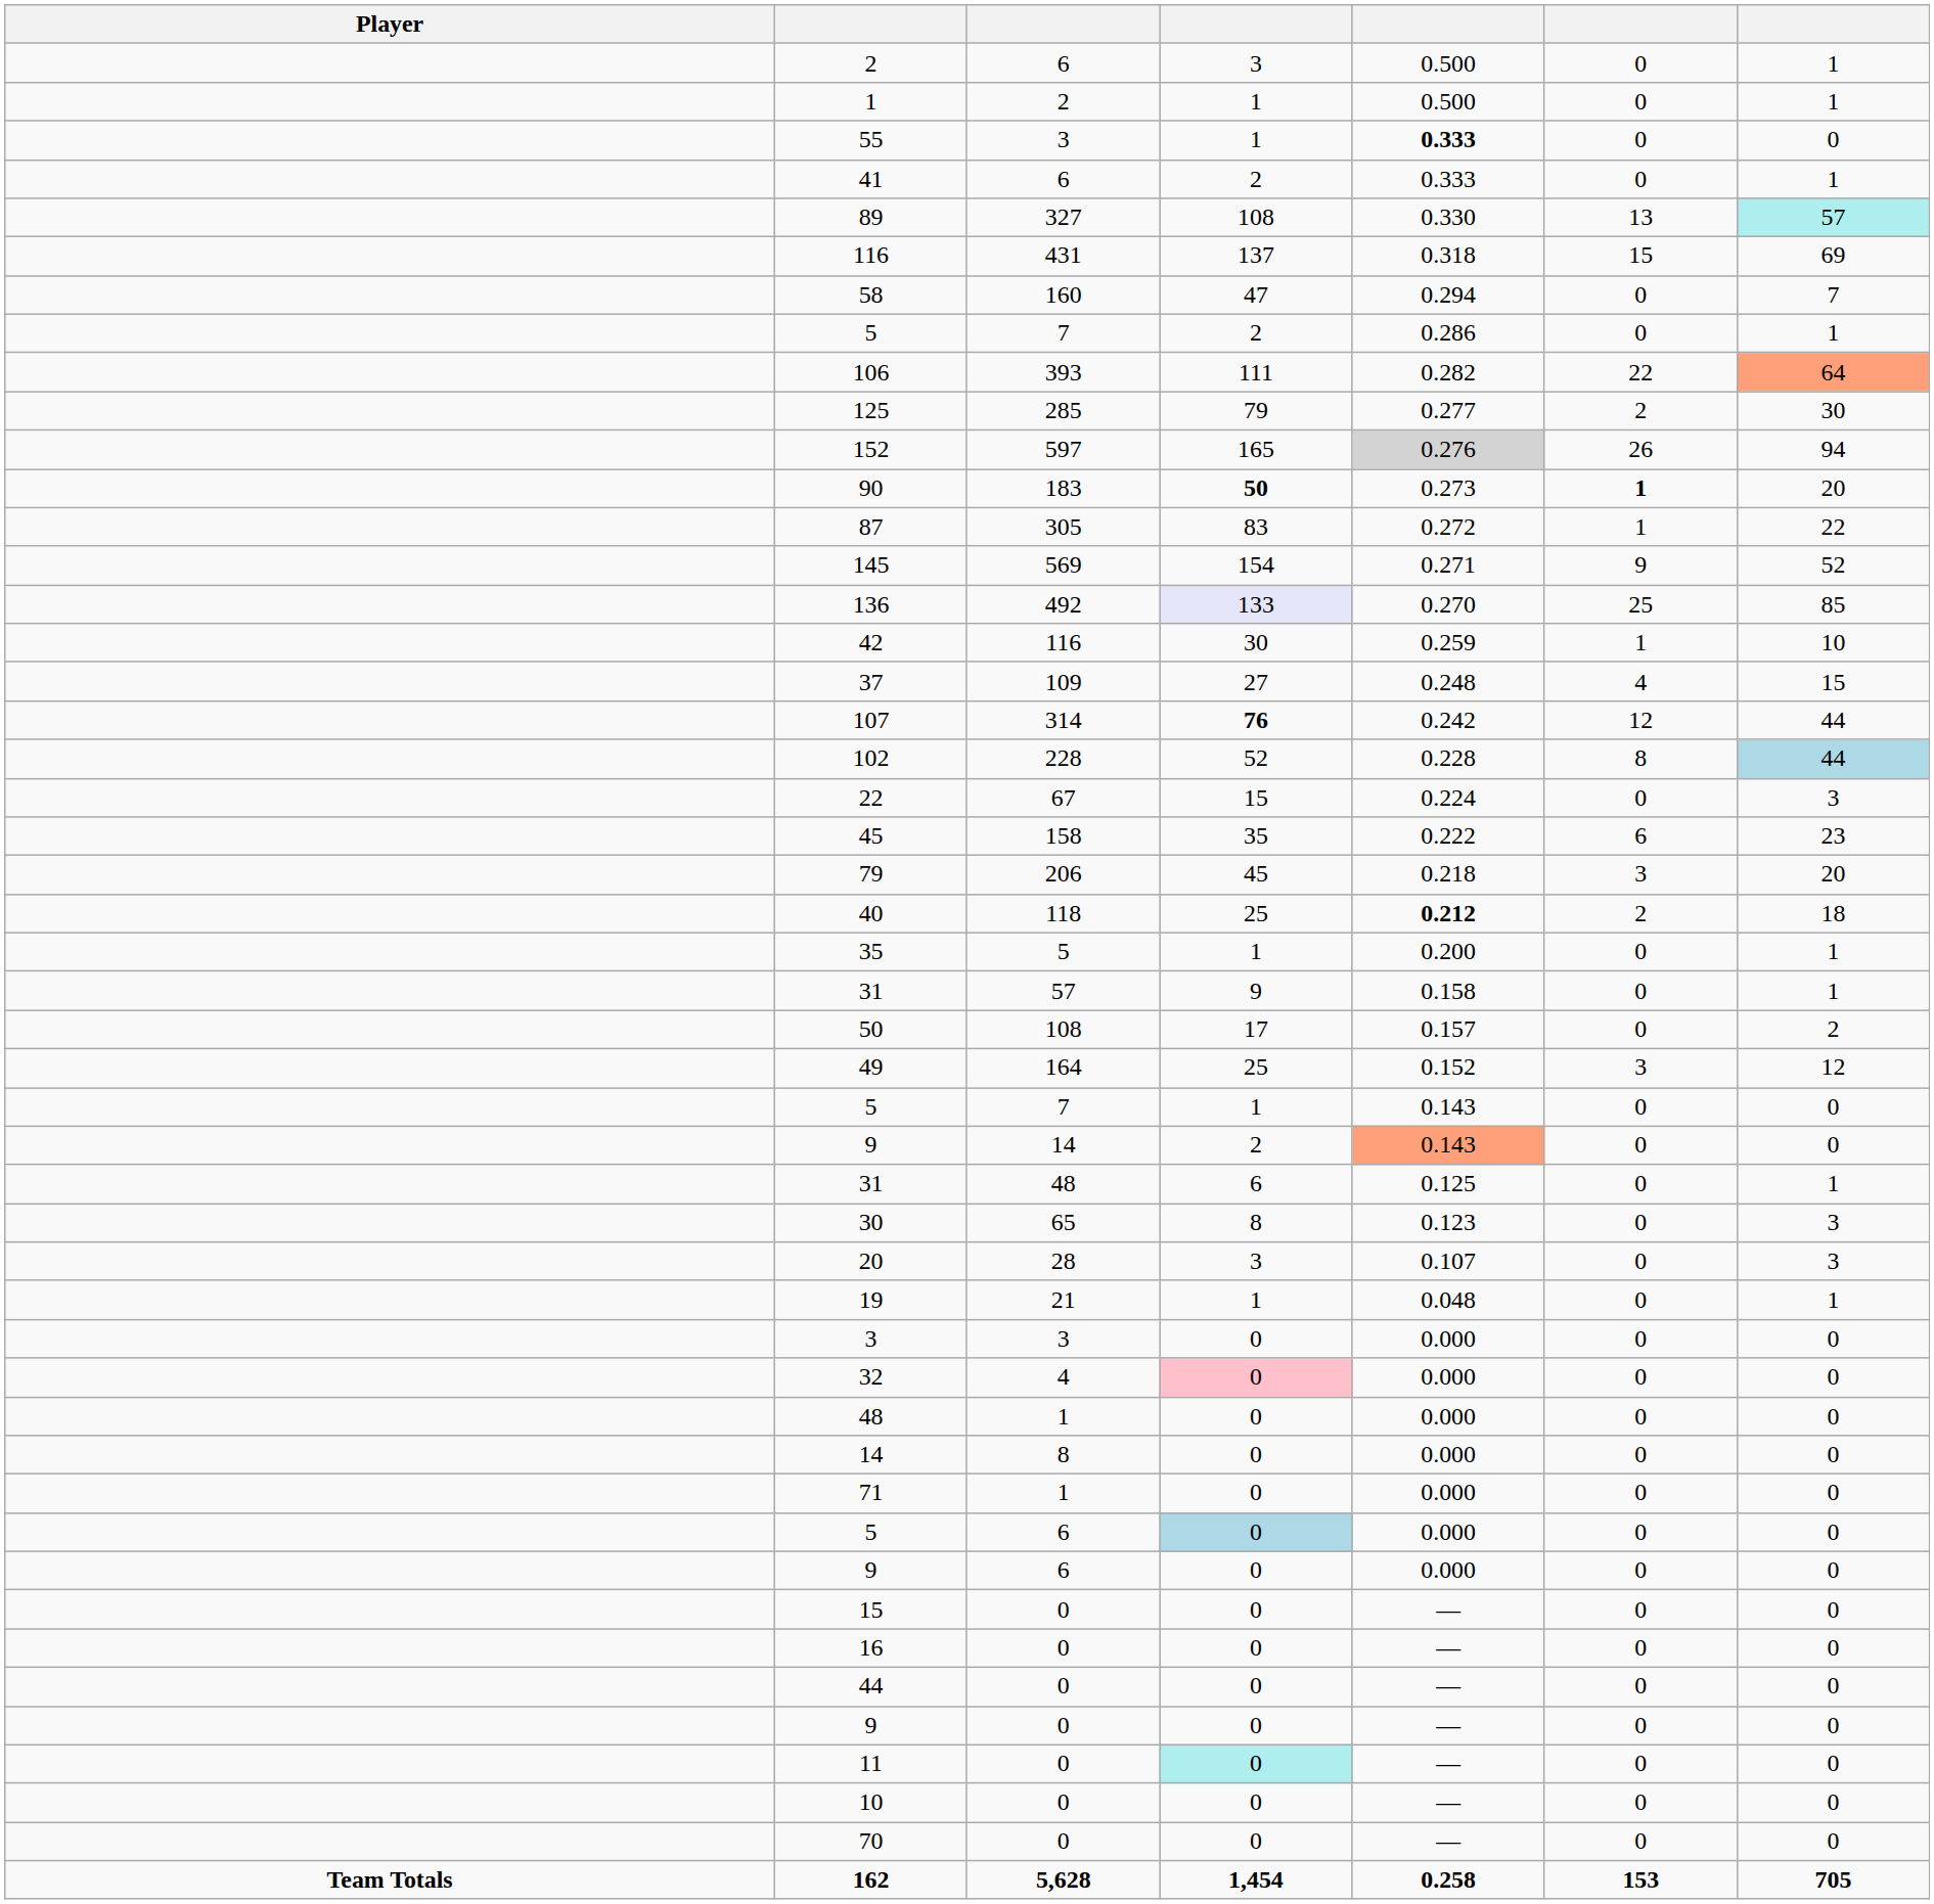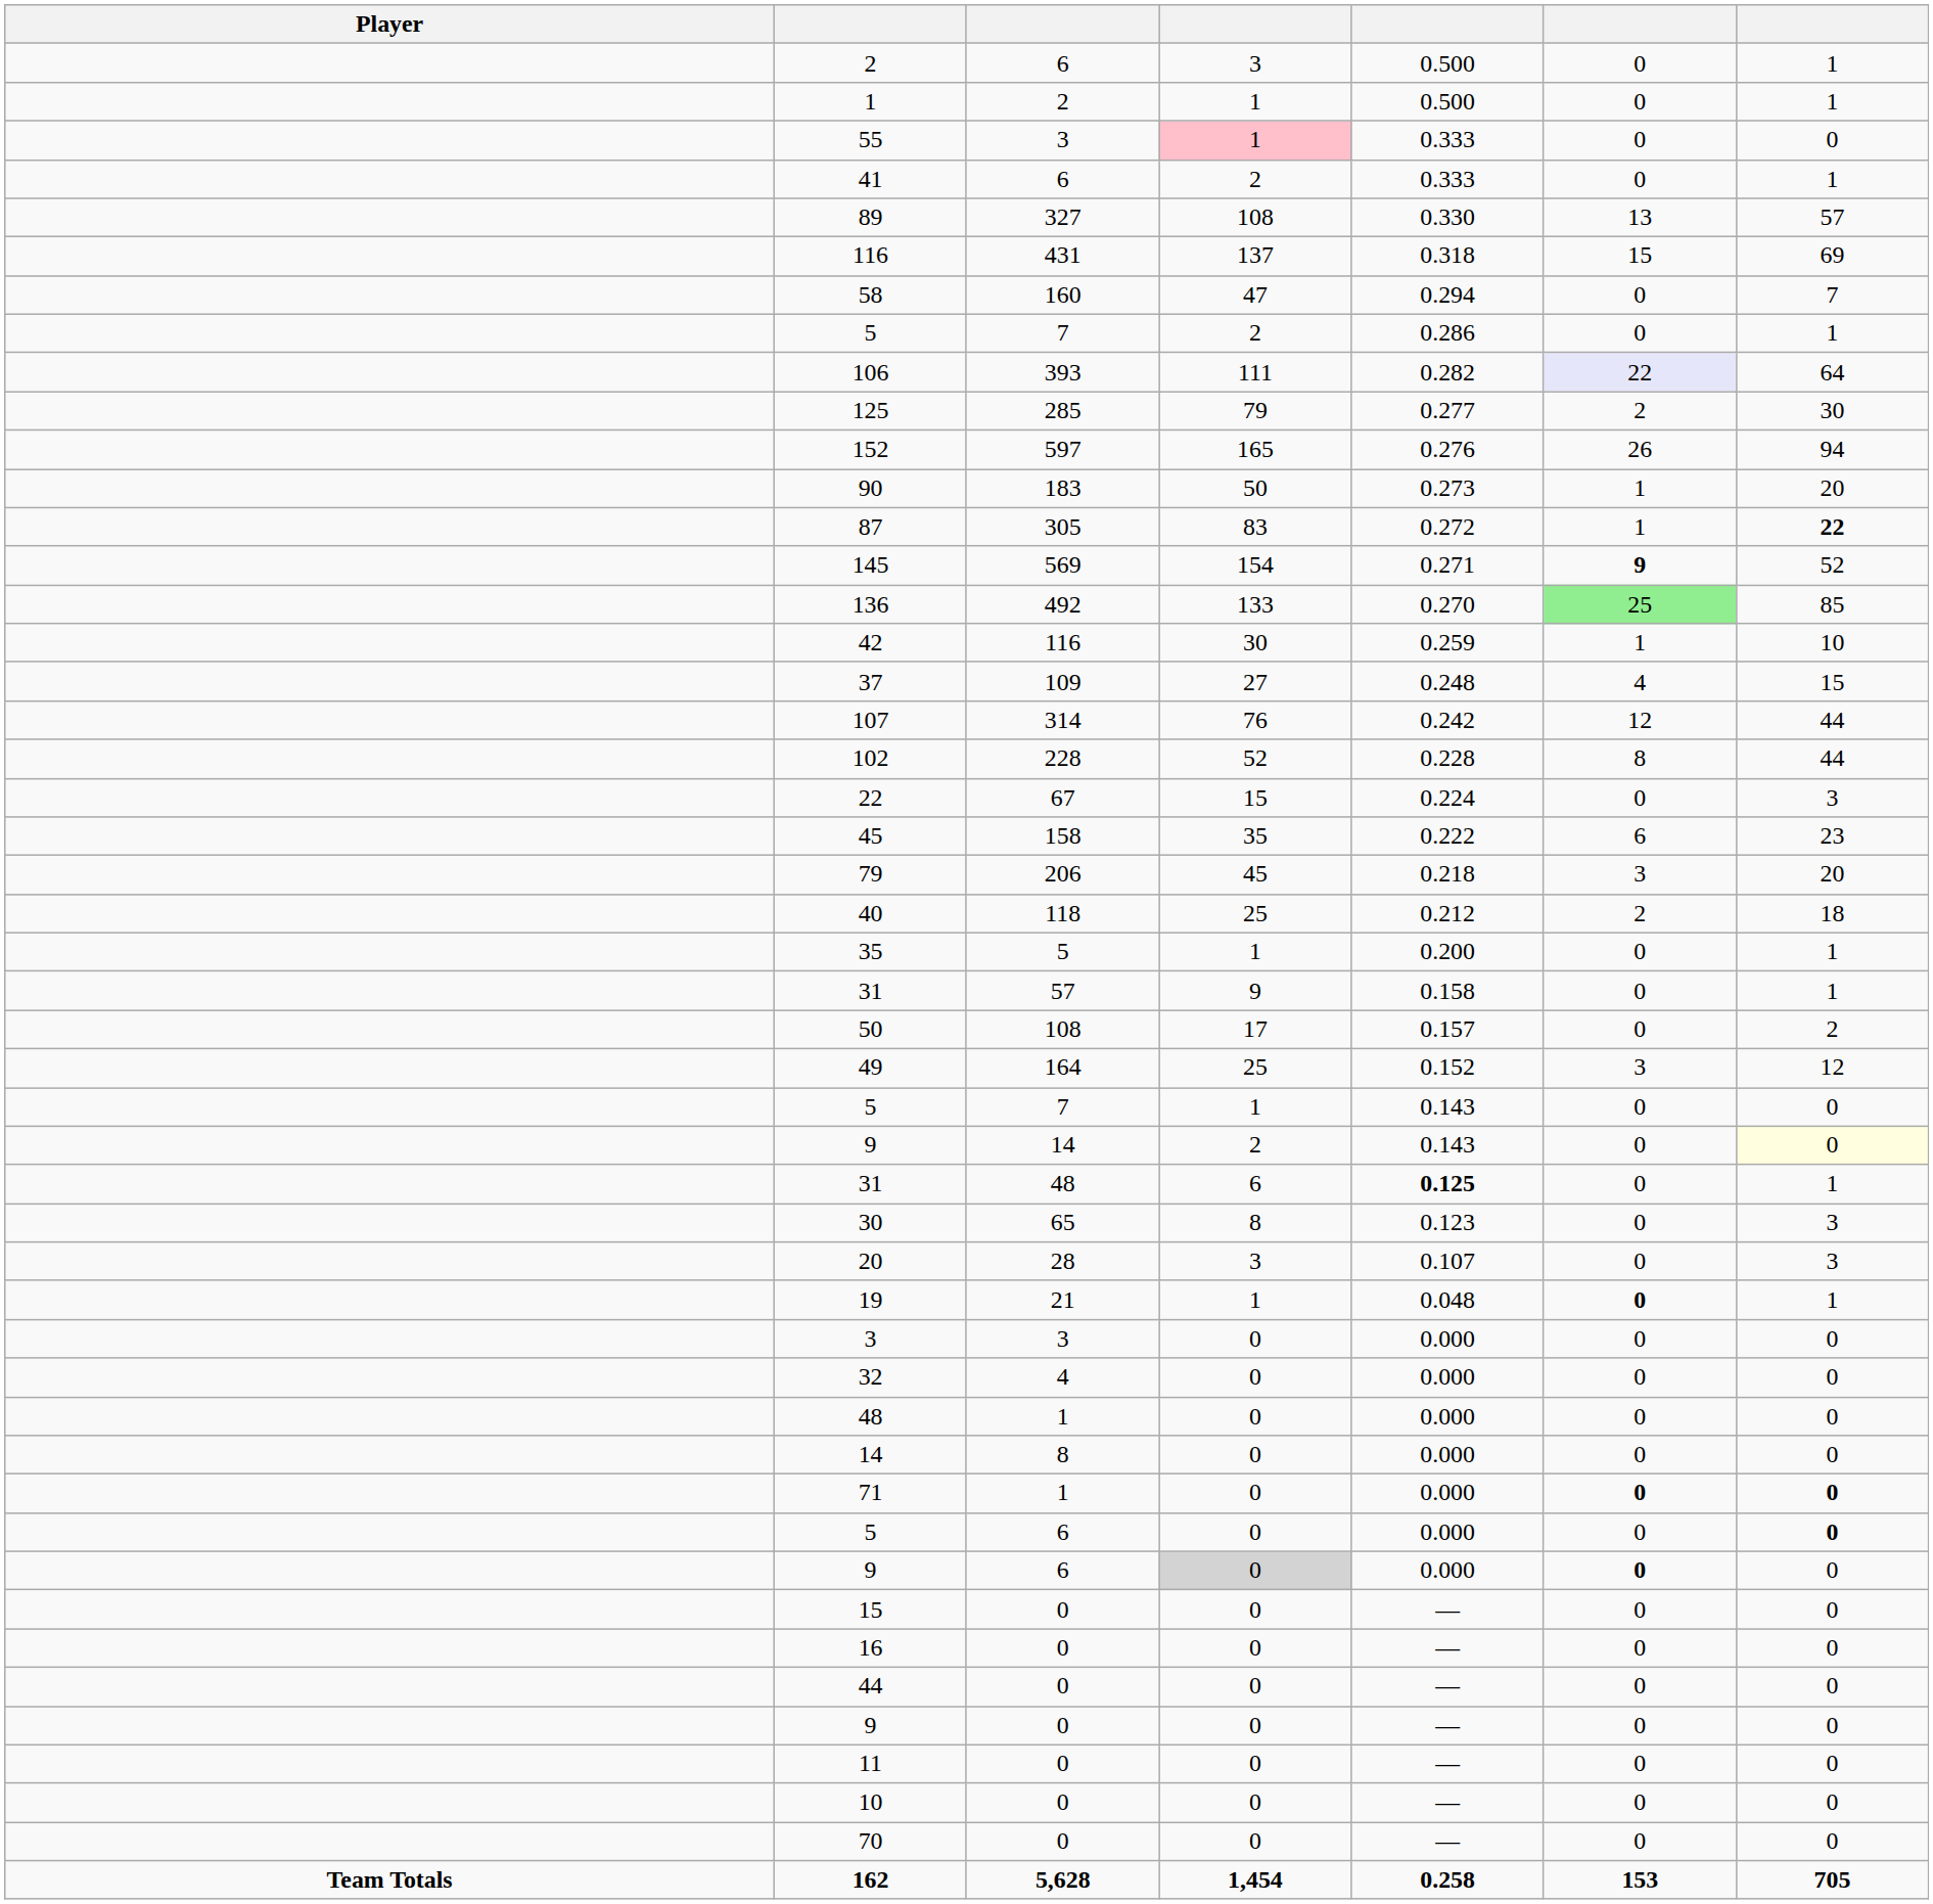 <table class="wikitable sortable" style="text-align:center;" width="100%">
 <tr>
 <th width="40%">Player</th>
 <th width="10%"></th>
 <th width="10%"></th>
 <th width="10%"></th>
 <th width="10%"></th>
 <th width="10%"></th>
 <th width="10%"></th>
 </tr>
 <tr>
 <td></td>
 <td>2</td>
 <td>6</td>
 <td>3</td>
 <td>0.500</td>
 <td>0</td>
 <td>1</td>
 </tr>
 <tr>
 <td></td>
 <td>1</td>
 <td>2</td>
 <td>1</td>
 <td>0.500</td>
 <td>0</td>
 <td>1</td>
 </tr>
 <tr>
 <td></td>
 <td>55</td>
 <td>3</td>
-<td>1</td>
-<td><strong>0.333</strong></td>
+<td style="background: pink;">1</td>
+<td>0.333</td>
 <td>0</td>
 <td>0</td>
 </tr>
 <tr>
 <td></td>
 <td>41</td>
 <td>6</td>
 <td>2</td>
 <td>0.333</td>
 <td>0</td>
 <td>1</td>
 </tr>
 <tr>
 <td></td>
 <td>89</td>
 <td>327</td>
 <td>108</td>
 <td>0.330</td>
 <td>13</td>
-<td style="background: paleturquoise;">57</td>
+<td>57</td>
 </tr>
 <tr>
 <td></td>
 <td>116</td>
 <td>431</td>
 <td>137</td>
 <td>0.318</td>
 <td>15</td>
 <td>69</td>
 </tr>
 <tr>
 <td></td>
 <td>58</td>
 <td>160</td>
 <td>47</td>
 <td>0.294</td>
 <td>0</td>
 <td>7</td>
 </tr>
 <tr>
 <td></td>
 <td>5</td>
 <td>7</td>
 <td>2</td>
 <td>0.286</td>
 <td>0</td>
 <td>1</td>
 </tr>
 <tr>
 <td></td>
 <td>106</td>
 <td>393</td>
 <td>111</td>
 <td>0.282</td>
-<td>22</td>
-<td style="background: lightsalmon;">64</td>
+<td style="background: lavender;">22</td>
+<td>64</td>
 </tr>
 <tr>
 <td></td>
 <td>125</td>
 <td>285</td>
 <td>79</td>
 <td>0.277</td>
 <td>2</td>
 <td>30</td>
 </tr>
 <tr>
 <td></td>
 <td>152</td>
 <td>597</td>
 <td>165</td>
-<td style="background: lightgrey;">0.276</td>
+<td>0.276</td>
 <td>26</td>
 <td>94</td>
 </tr>
 <tr>
 <td></td>
 <td>90</td>
 <td>183</td>
-<td><strong>50</strong></td>
+<td>50</td>
 <td>0.273</td>
-<td><strong>1</strong></td>
+<td>1</td>
 <td>20</td>
 </tr>
 <tr>
 <td></td>
 <td>87</td>
 <td>305</td>
 <td>83</td>
 <td>0.272</td>
 <td>1</td>
-<td>22</td>
+<td><strong>22</strong></td>
 </tr>
 <tr>
 <td></td>
 <td>145</td>
 <td>569</td>
 <td>154</td>
 <td>0.271</td>
-<td>9</td>
+<td><strong>9</strong></td>
 <td>52</td>
 </tr>
 <tr>
 <td></td>
 <td>136</td>
 <td>492</td>
-<td style="background: lavender;">133</td>
+<td>133</td>
 <td>0.270</td>
-<td>25</td>
+<td style="background: lightgreen;">25</td>
 <td>85</td>
 </tr>
 <tr>
 <td></td>
 <td>42</td>
 <td>116</td>
 <td>30</td>
 <td>0.259</td>
 <td>1</td>
 <td>10</td>
 </tr>
 <tr>
 <td></td>
 <td>37</td>
 <td>109</td>
 <td>27</td>
 <td>0.248</td>
 <td>4</td>
 <td>15</td>
 </tr>
 <tr>
 <td></td>
 <td>107</td>
 <td>314</td>
-<td><strong>76</strong></td>
+<td>76</td>
 <td>0.242</td>
 <td>12</td>
 <td>44</td>
 </tr>
 <tr>
 <td></td>
 <td>102</td>
 <td>228</td>
 <td>52</td>
 <td>0.228</td>
 <td>8</td>
-<td style="background: lightblue;">44</td>
+<td>44</td>
 </tr>
 <tr>
 <td></td>
 <td>22</td>
 <td>67</td>
 <td>15</td>
 <td>0.224</td>
 <td>0</td>
 <td>3</td>
 </tr>
 <tr>
 <td></td>
 <td>45</td>
 <td>158</td>
 <td>35</td>
 <td>0.222</td>
 <td>6</td>
 <td>23</td>
 </tr>
 <tr>
 <td></td>
 <td>79</td>
 <td>206</td>
 <td>45</td>
 <td>0.218</td>
 <td>3</td>
 <td>20</td>
 </tr>
 <tr>
 <td></td>
 <td>40</td>
 <td>118</td>
 <td>25</td>
-<td><strong>0.212</strong></td>
+<td>0.212</td>
 <td>2</td>
 <td>18</td>
 </tr>
 <tr>
 <td></td>
 <td>35</td>
 <td>5</td>
 <td>1</td>
 <td>0.200</td>
 <td>0</td>
 <td>1</td>
 </tr>
 <tr>
 <td></td>
 <td>31</td>
 <td>57</td>
 <td>9</td>
 <td>0.158</td>
 <td>0</td>
 <td>1</td>
 </tr>
 <tr>
 <td></td>
 <td>50</td>
 <td>108</td>
 <td>17</td>
 <td>0.157</td>
 <td>0</td>
 <td>2</td>
 </tr>
 <tr>
 <td></td>
 <td>49</td>
 <td>164</td>
 <td>25</td>
 <td>0.152</td>
 <td>3</td>
 <td>12</td>
 </tr>
 <tr>
 <td></td>
 <td>5</td>
 <td>7</td>
 <td>1</td>
 <td>0.143</td>
 <td>0</td>
 <td>0</td>
 </tr>
 <tr>
 <td></td>
 <td>9</td>
 <td>14</td>
 <td>2</td>
-<td style="background: lightsalmon;">0.143</td>
+<td>0.143</td>
 <td>0</td>
-<td>0</td>
+<td style="background: lightyellow;">0</td>
 </tr>
 <tr>
 <td></td>
 <td>31</td>
 <td>48</td>
 <td>6</td>
-<td>0.125</td>
+<td><strong>0.125</strong></td>
 <td>0</td>
 <td>1</td>
 </tr>
 <tr>
 <td></td>
 <td>30</td>
 <td>65</td>
 <td>8</td>
 <td>0.123</td>
 <td>0</td>
 <td>3</td>
 </tr>
 <tr>
 <td></td>
 <td>20</td>
 <td>28</td>
 <td>3</td>
 <td>0.107</td>
 <td>0</td>
 <td>3</td>
 </tr>
 <tr>
 <td></td>
 <td>19</td>
 <td>21</td>
 <td>1</td>
 <td>0.048</td>
-<td>0</td>
+<td><strong>0</strong></td>
 <td>1</td>
 </tr>
 <tr>
 <td></td>
 <td>3</td>
 <td>3</td>
 <td>0</td>
 <td>0.000</td>
 <td>0</td>
 <td>0</td>
 </tr>
 <tr>
 <td></td>
 <td>32</td>
 <td>4</td>
-<td style="background: pink;">0</td>
+<td>0</td>
 <td>0.000</td>
 <td>0</td>
 <td>0</td>
 </tr>
 <tr>
 <td></td>
 <td>48</td>
 <td>1</td>
 <td>0</td>
 <td>0.000</td>
 <td>0</td>
 <td>0</td>
 </tr>
 <tr>
 <td></td>
 <td>14</td>
 <td>8</td>
 <td>0</td>
 <td>0.000</td>
 <td>0</td>
 <td>0</td>
 </tr>
 <tr>
 <td></td>
 <td>71</td>
 <td>1</td>
 <td>0</td>
 <td>0.000</td>
-<td>0</td>
-<td>0</td>
+<td><strong>0</strong></td>
+<td><strong>0</strong></td>
 </tr>
 <tr>
 <td></td>
 <td>5</td>
 <td>6</td>
-<td style="background: lightblue;">0</td>
+<td>0</td>
 <td>0.000</td>
 <td>0</td>
-<td>0</td>
+<td><strong>0</strong></td>
 </tr>
 <tr>
 <td></td>
 <td>9</td>
 <td>6</td>
-<td>0</td>
+<td style="background: lightgrey;">0</td>
 <td>0.000</td>
-<td>0</td>
+<td><strong>0</strong></td>
 <td>0</td>
 </tr>
 <tr>
 <td></td>
 <td>15</td>
 <td>0</td>
 <td>0</td>
 <td>—</td>
 <td>0</td>
 <td>0</td>
 </tr>
 <tr>
 <td></td>
 <td>16</td>
 <td>0</td>
 <td>0</td>
 <td>—</td>
 <td>0</td>
 <td>0</td>
 </tr>
 <tr>
 <td></td>
 <td>44</td>
 <td>0</td>
 <td>0</td>
 <td>—</td>
 <td>0</td>
 <td>0</td>
 </tr>
 <tr>
 <td></td>
 <td>9</td>
 <td>0</td>
 <td>0</td>
 <td>—</td>
 <td>0</td>
 <td>0</td>
 </tr>
 <tr>
 <td></td>
 <td>11</td>
 <td>0</td>
-<td style="background: paleturquoise;">0</td>
+<td>0</td>
 <td>—</td>
 <td>0</td>
 <td>0</td>
 </tr>
 <tr>
 <td></td>
 <td>10</td>
 <td>0</td>
 <td>0</td>
 <td>—</td>
 <td>0</td>
 <td>0</td>
 </tr>
 <tr>
 <td></td>
 <td>70</td>
 <td>0</td>
 <td>0</td>
 <td>—</td>
 <td>0</td>
 <td>0</td>
 </tr>
 <tr>
 <td><strong>Team Totals</strong></td>
 <td><strong>162</strong></td>
 <td><strong>5,628</strong></td>
 <td><strong>1,454</strong></td>
 <td><strong>0.258</strong></td>
 <td><strong>153</strong></td>
 <td><strong>705</strong></td>
 </tr>
 </table>
